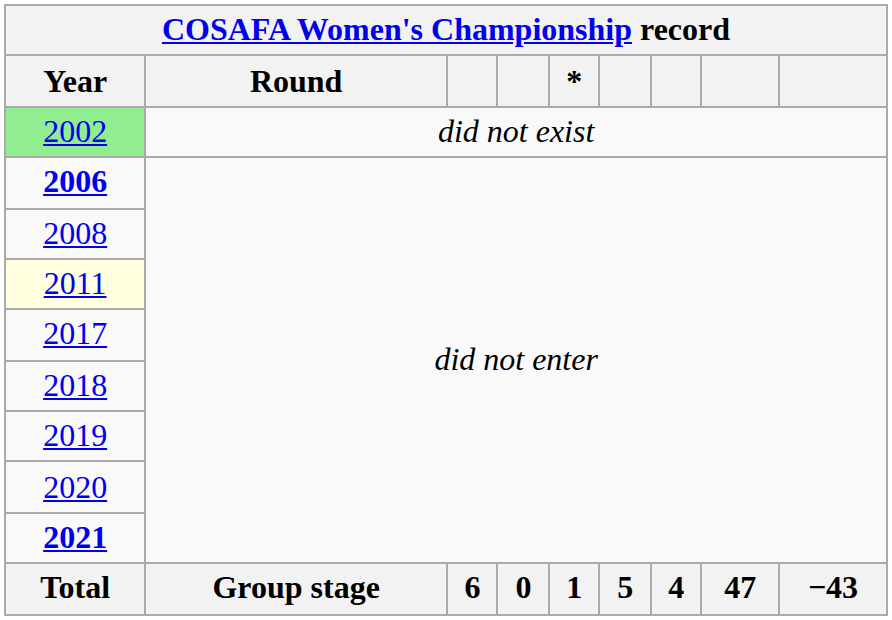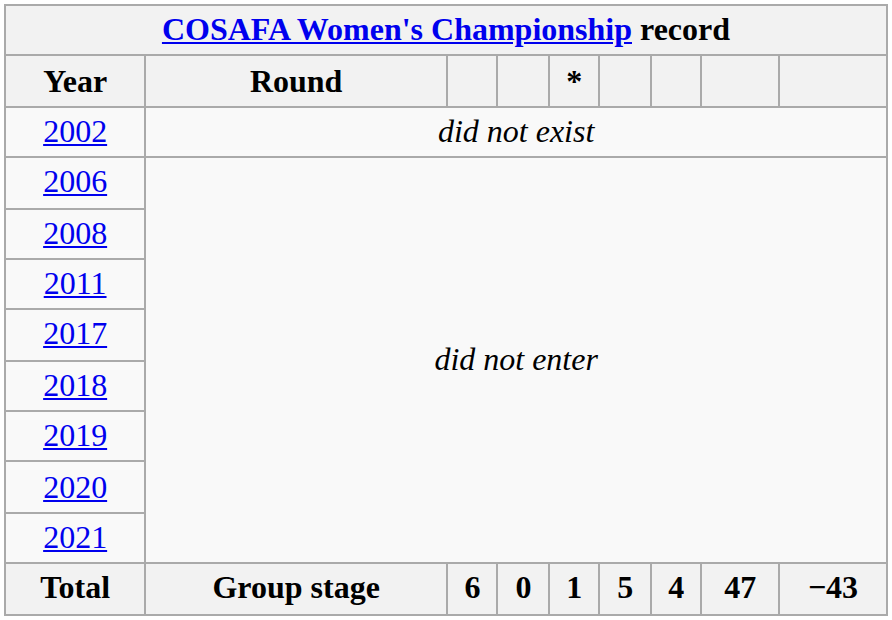 <table class="wikitable" style="text-align: center; width:50%;">
 <tr>
 <th colspan="9"><a href='#'>COSAFA Women's Championship</a> record</th>
 </tr>
 <tr>
 <th>Year</th>
 <th>Round</th>
 <th></th>
 <th></th>
 <th>*</th>
 <th></th>
 <th></th>
 <th></th>
 <th></th>
 </tr>
 <tr>
-<td style="background: lightgreen;"> <a href='#'>2002</a></td>
+<td> <a href='#'>2002</a></td>
 <td colspan =8><em>did not exist</em></td>
 </tr>
 <tr>
-<td><strong> <a href='#'>2006</a></strong></td>
+<td> <a href='#'>2006</a></td>
 <td colspan =8 rowspan=8><em>did not enter</em></td>
 </tr>
 <tr>
 <td> <a href='#'>2008</a></td>
 </tr>
 <tr>
-<td style="background: lightyellow;"> <a href='#'>2011</a></td>
+<td> <a href='#'>2011</a></td>
 </tr>
 <tr>
 <td> <a href='#'>2017</a></td>
 </tr>
 <tr>
 <td> <a href='#'>2018</a></td>
 </tr>
 <tr>
 <td> <a href='#'>2019</a></td>
 </tr>
 <tr>
 <td> <a href='#'>2020</a></td>
 </tr>
 <tr>
-<td><strong> <a href='#'>2021</a></strong></td>
+<td> <a href='#'>2021</a></td>
 </tr>
 <tr>
 <th>Total</th>
 <th>Group stage</th>
 <th>6</th>
 <th>0</th>
 <th>1</th>
 <th>5</th>
 <th>4</th>
 <th>47</th>
 <th>−43</th>
 </tr>
 </table>
